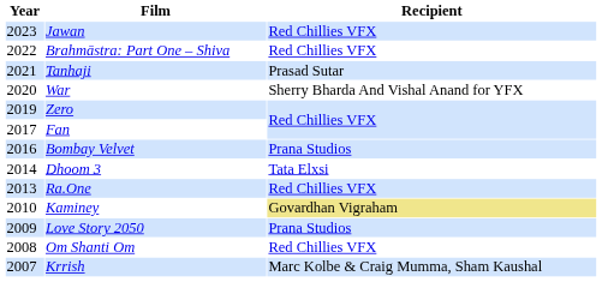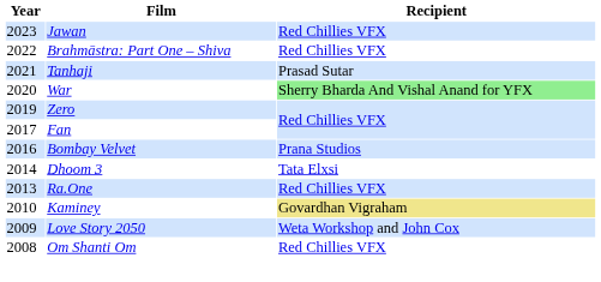 <table cellspacing="1" cellpadding="1" border="0" width="50%">
 <tr>
 <th>Year</th>
 <th>Film</th>
 <th>Recipient</th>
 </tr>
 <tr bgcolor="#d1e4fd">
 <td>2023</td>
 <td><em><a href='#'>Jawan</a></em></td>
 <td><a href='#'>Red Chillies VFX</a></td>
 </tr>
 <tr>
 <td>2022</td>
 <td><em><a href='#'>Brahmāstra: Part One – Shiva</a></em></td>
 <td><a href='#'>Red Chillies VFX</a></td>
 </tr>
 <tr bgcolor="#d1e4fd">
 <td>2021</td>
 <td><em><a href='#'>Tanhaji</a></em></td>
 <td>Prasad Sutar</td>
 </tr>
 <tr>
 <td>2020</td>
 <td><em><a href='#'>War</a></em></td>
-<td>Sherry Bharda And Vishal Anand for YFX</td>
+<td style="background: lightgreen;">Sherry Bharda And Vishal Anand for YFX</td>
 </tr>
 <tr bgcolor="#d1e4fd">
 <td>2019</td>
 <td><em><a href='#'>Zero</a></em></td>
 <td rowspan="2"><a href='#'>Red Chillies VFX</a></td>
 </tr>
 <tr>
 <td>2017</td>
 <td><em><a href='#'>Fan</a></em></td>
 </tr>
 <tr bgcolor="#d1e4fd">
 <td>2016</td>
 <td><em><a href='#'>Bombay Velvet</a></em></td>
 <td><a href='#'>Prana Studios</a></td>
 </tr>
 <tr>
 <td>2014</td>
 <td><em><a href='#'>Dhoom 3</a></em></td>
 <td><a href='#'>Tata Elxsi</a></td>
 </tr>
 <tr bgcolor="#d1e4fd">
 <td>2013</td>
 <td><em><a href='#'>Ra.One</a></em></td>
 <td><a href='#'>Red Chillies VFX</a></td>
 </tr>
 <tr>
 <td>2010</td>
 <td><em><a href='#'>Kaminey</a></em></td>
 <td style="background: khaki;">Govardhan Vigraham</td>
 </tr>
 <tr bgcolor="#d1e4fd">
 <td>2009</td>
 <td><em><a href='#'>Love Story 2050</a></em></td>
-<td><a href='#'>Prana Studios</a></td>
+<td><a href='#'>Weta Workshop</a> and <a href='#'>John Cox</a></td>
 </tr>
 <tr>
 <td>2008</td>
 <td><em><a href='#'>Om Shanti Om</a></em></td>
 <td><a href='#'>Red Chillies VFX</a></td>
 </tr>
-<tr bgcolor="#d1e4fd">
-<td>2007</td>
-<td><em><a href='#'>Krrish</a></em></td>
-<td>Marc Kolbe & Craig Mumma, Sham Kaushal</td>
-</tr>
 <tr>
 </tr>
 </table>
